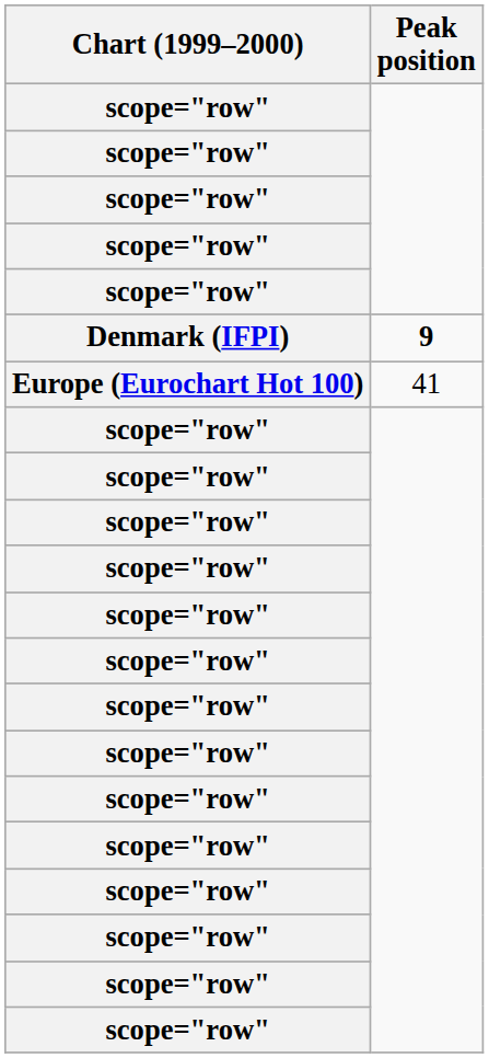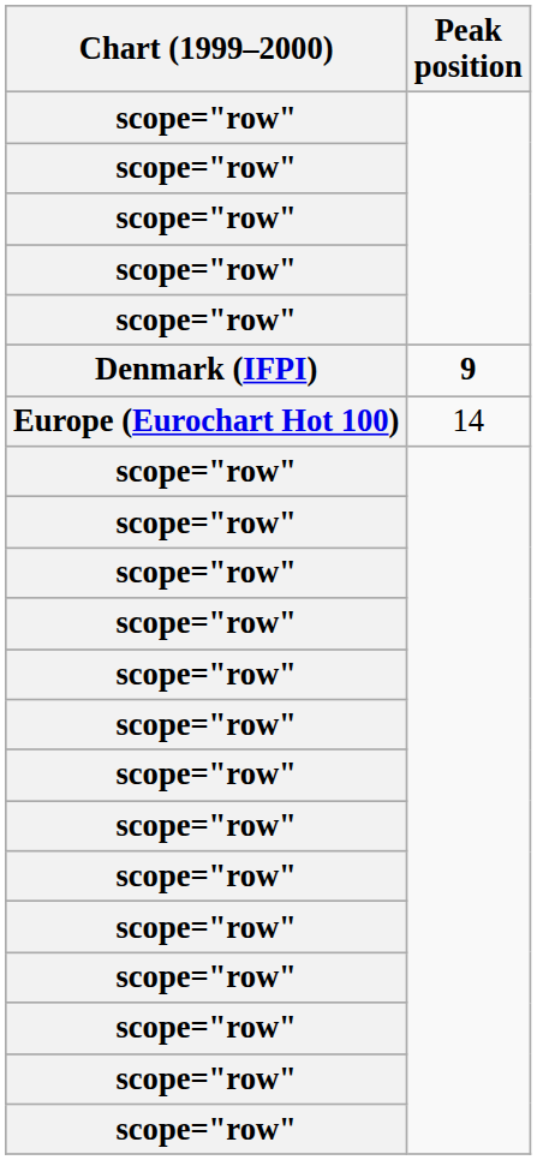 <table class="wikitable sortable plainrowheaders" style="text-align:center">
 <tr>
 <th scope="col">Chart (1999–2000)</th>
 <th scope="col">Peak<br>position</th>
 </tr>
 <tr>
 <th>scope="row"</th>
 </tr>
 <tr>
 <th>scope="row"</th>
 </tr>
 <tr>
 <th>scope="row"</th>
 </tr>
 <tr>
 <th>scope="row"</th>
 </tr>
 <tr>
 <th>scope="row"</th>
 </tr>
 <tr>
 <th scope="row">Denmark (<a href='#'>IFPI</a>)</th>
 <td><strong>9</strong></td>
 </tr>
 <tr>
 <th scope="row">Europe (<a href='#'>Eurochart Hot 100</a>)</th>
-<td>41</td>
+<td>14</td>
 </tr>
 <tr>
 <th>scope="row"</th>
 </tr>
 <tr>
 <th>scope="row"</th>
 </tr>
 <tr>
 <th>scope="row"</th>
 </tr>
 <tr>
 <th>scope="row"</th>
 </tr>
 <tr>
 <th>scope="row"</th>
 </tr>
 <tr>
 <th>scope="row"</th>
 </tr>
 <tr>
 <th>scope="row"</th>
 </tr>
 <tr>
 <th>scope="row"</th>
 </tr>
 <tr>
 <th>scope="row"</th>
 </tr>
 <tr>
 <th>scope="row"</th>
 </tr>
 <tr>
 <th>scope="row"</th>
 </tr>
 <tr>
 <th>scope="row"</th>
 </tr>
 <tr>
 <th>scope="row"</th>
 </tr>
 <tr>
 <th>scope="row"</th>
 </tr>
 </table>
